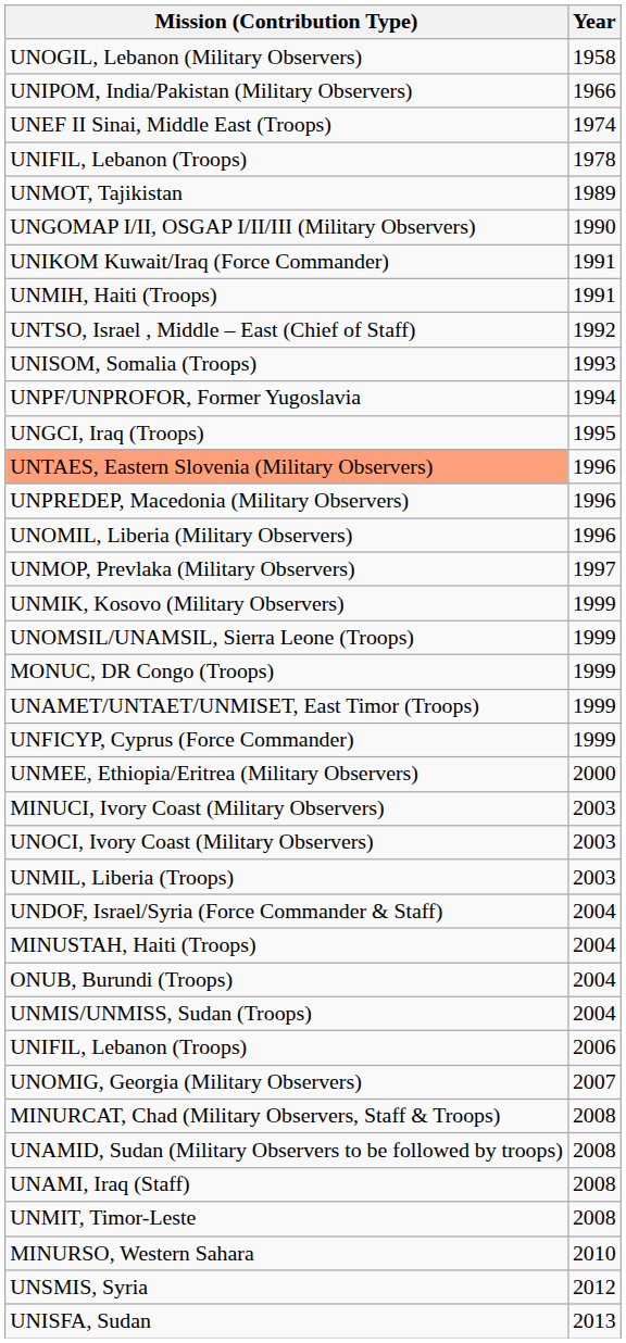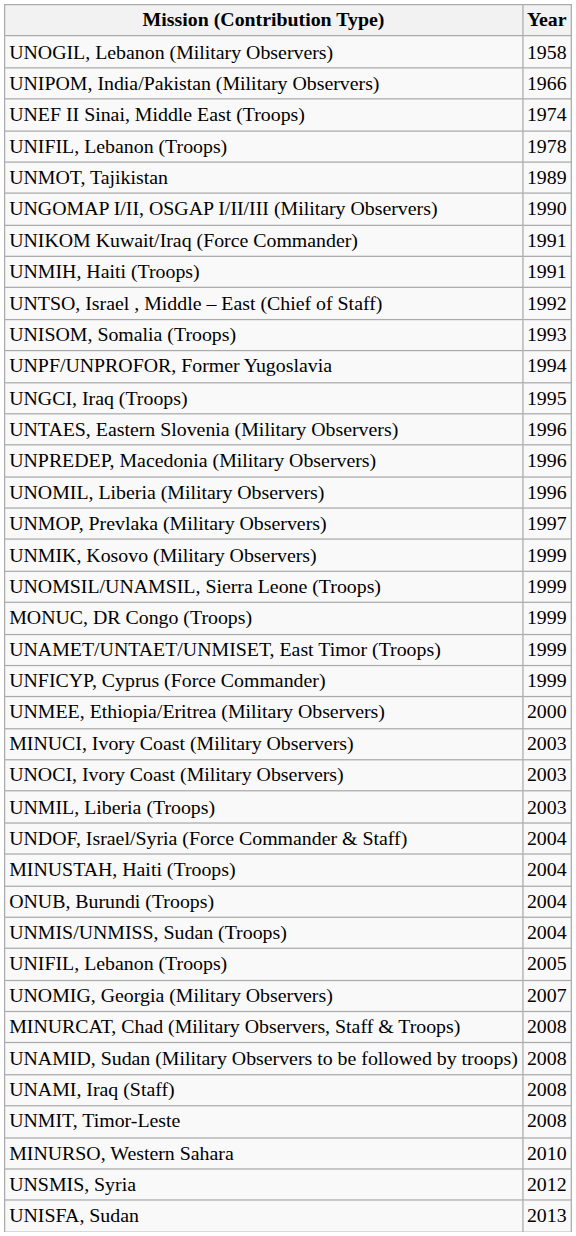 <table class="wikitable">
 <tr>
 <th>Mission (Contribution Type)</th>
 <th>Year</th>
 </tr>
 <tr>
 <td>UNOGIL, Lebanon (Military Observers)</td>
 <td>1958</td>
 </tr>
 <tr>
 <td>UNIPOM, India/Pakistan (Military Observers)</td>
 <td>1966</td>
 </tr>
 <tr>
 <td>UNEF II Sinai, Middle East (Troops)</td>
 <td>1974</td>
 </tr>
 <tr>
 <td>UNIFIL, Lebanon (Troops)</td>
 <td>1978</td>
 </tr>
 <tr>
 <td>UNMOT, Tajikistan</td>
 <td>1989</td>
 </tr>
 <tr>
 <td>UNGOMAP I/II, OSGAP I/II/III (Military Observers)</td>
 <td>1990</td>
 </tr>
 <tr>
 <td>UNIKOM Kuwait/Iraq (Force Commander)</td>
 <td>1991</td>
 </tr>
 <tr>
 <td>UNMIH, Haiti (Troops)</td>
 <td>1991</td>
 </tr>
 <tr>
 <td>UNTSO, Israel , Middle – East (Chief of Staff)</td>
 <td>1992</td>
 </tr>
 <tr>
 <td>UNISOM, Somalia (Troops)</td>
 <td>1993</td>
 </tr>
 <tr>
 <td>UNPF/UNPROFOR, Former Yugoslavia</td>
 <td>1994</td>
 </tr>
 <tr>
 <td>UNGCI, Iraq (Troops)</td>
 <td>1995</td>
 </tr>
 <tr>
-<td style="background: lightsalmon;">UNTAES, Eastern Slovenia (Military Observers)</td>
+<td>UNTAES, Eastern Slovenia (Military Observers)</td>
 <td>1996</td>
 </tr>
 <tr>
 <td>UNPREDEP, Macedonia (Military Observers)</td>
 <td>1996</td>
 </tr>
 <tr>
 <td>UNOMIL, Liberia (Military Observers)</td>
 <td>1996</td>
 </tr>
 <tr>
 <td>UNMOP, Prevlaka (Military Observers)</td>
 <td>1997</td>
 </tr>
 <tr>
 <td>UNMIK, Kosovo (Military Observers)</td>
 <td>1999</td>
 </tr>
 <tr>
 <td>UNOMSIL/UNAMSIL, Sierra Leone (Troops)</td>
 <td>1999</td>
 </tr>
 <tr>
 <td>MONUC, DR Congo (Troops)</td>
 <td>1999</td>
 </tr>
 <tr>
 <td>UNAMET/UNTAET/UNMISET, East Timor (Troops)</td>
 <td>1999</td>
 </tr>
 <tr>
 <td>UNFICYP, Cyprus (Force Commander)</td>
 <td>1999</td>
 </tr>
 <tr>
 <td>UNMEE, Ethiopia/Eritrea (Military Observers)</td>
 <td>2000</td>
 </tr>
 <tr>
 <td>MINUCI, Ivory Coast (Military Observers)</td>
 <td>2003</td>
 </tr>
 <tr>
 <td>UNOCI, Ivory Coast (Military Observers)</td>
 <td>2003</td>
 </tr>
 <tr>
 <td>UNMIL, Liberia (Troops)</td>
 <td>2003</td>
 </tr>
 <tr>
 <td>UNDOF, Israel/Syria (Force Commander & Staff)</td>
 <td>2004</td>
 </tr>
 <tr>
 <td>MINUSTAH, Haiti (Troops)</td>
 <td>2004</td>
 </tr>
 <tr>
 <td>ONUB, Burundi (Troops)</td>
 <td>2004</td>
 </tr>
 <tr>
 <td>UNMIS/UNMISS, Sudan (Troops)</td>
 <td>2004</td>
 </tr>
 <tr>
 <td>UNIFIL, Lebanon (Troops)</td>
-<td>2006</td>
+<td>2005</td>
 </tr>
 <tr>
 <td>UNOMIG, Georgia (Military Observers)</td>
 <td>2007</td>
 </tr>
 <tr>
 <td>MINURCAT, Chad (Military Observers, Staff & Troops)</td>
 <td>2008</td>
 </tr>
 <tr>
 <td>UNAMID, Sudan (Military Observers to be followed by troops)</td>
 <td>2008</td>
 </tr>
 <tr>
 <td>UNAMI, Iraq (Staff)</td>
 <td>2008</td>
 </tr>
 <tr>
 <td>UNMIT, Timor-Leste</td>
 <td>2008</td>
 </tr>
 <tr>
 <td>MINURSO, Western Sahara</td>
 <td>2010</td>
 </tr>
 <tr>
 <td>UNSMIS, Syria</td>
 <td>2012</td>
 </tr>
 <tr>
 <td>UNISFA, Sudan</td>
 <td>2013</td>
 </tr>
 </table>
